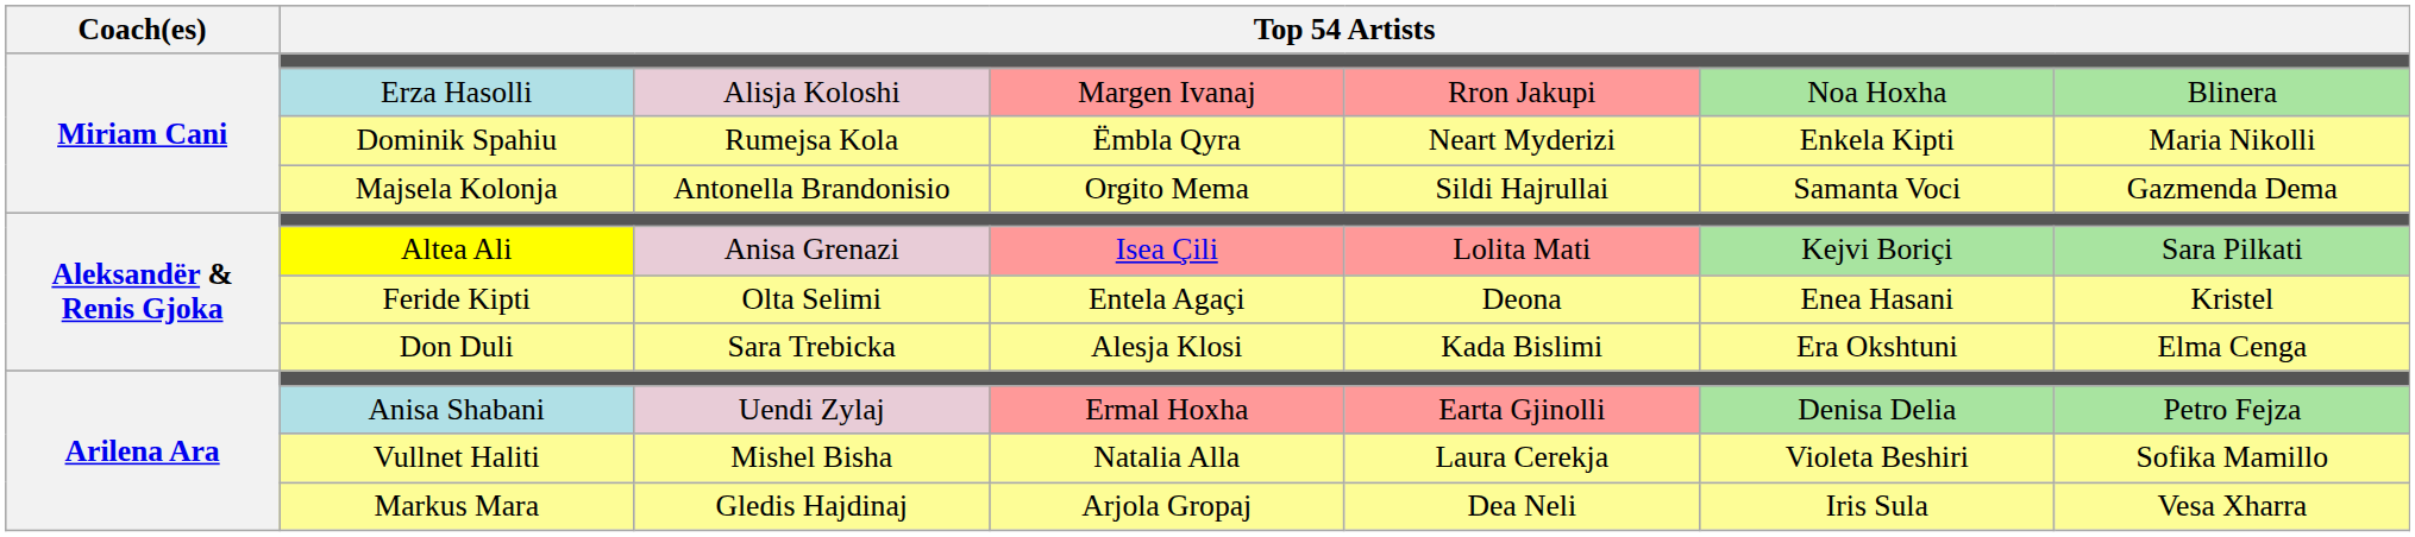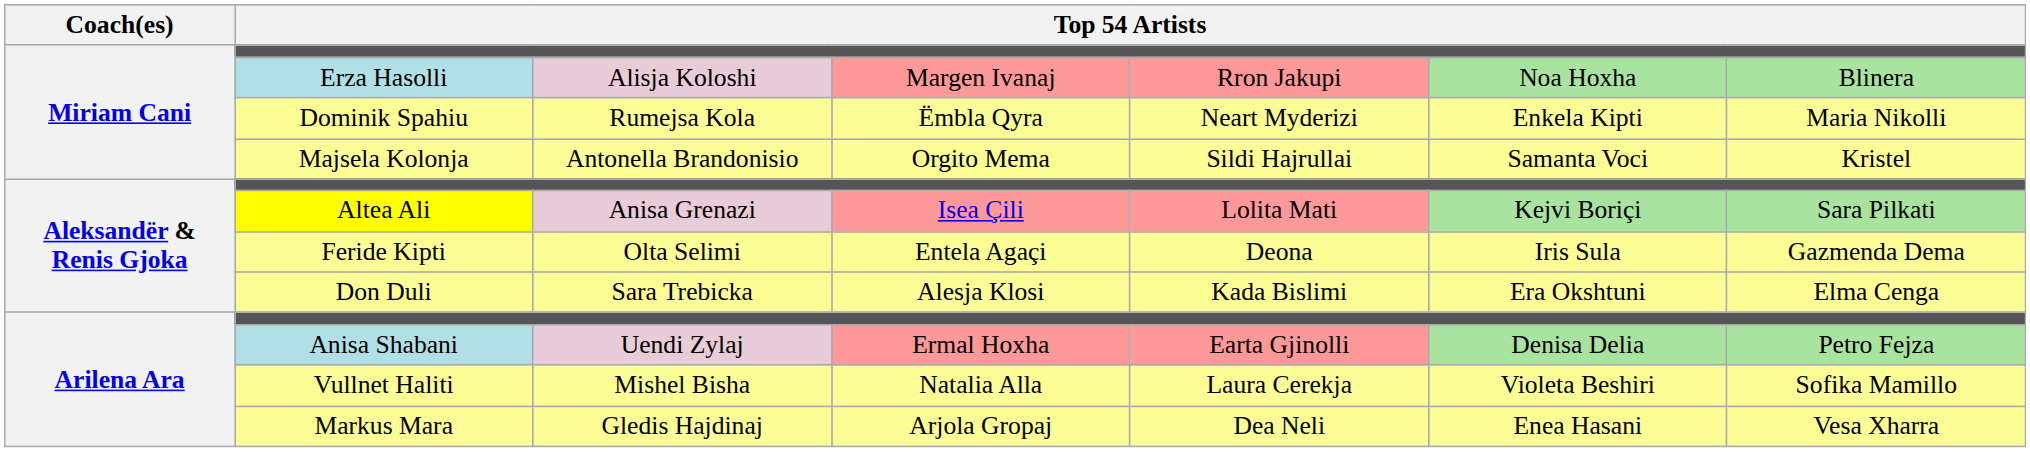 <table class="wikitable" style="text-align:center; width:100%;">
 <tr>
 <th scope="col" style="width:10%;">Coach(es)</th>
 <th scope="col" colspan="6">Top 54 Artists</th>
 </tr>
 <tr>
 <th scope="row" rowspan="4"><a href='#'>Miriam Cani</a></th>
 <td colspan="6" style="background:#555;"></td>
 </tr>
 <tr>
 <td width="13%" style="background:#B0E0E6;">Erza Hasolli</td>
 <td style="background:#e8ccd7;">Alisja Koloshi</td>
 <td width="13%" style="background:#FF9999;">Margen Ivanaj</td>
 <td width="13%" style="background:#FF9999;">Rron Jakupi</td>
 <td width="13%" style="background:#A8E4A0;">Noa Hoxha</td>
 <td width="13%" style="background:#A8E4A0;">Blinera</td>
 </tr>
 <tr>
 <td style="background:#FDFD96;">Dominik Spahiu</td>
 <td style="background:#FDFD96;">Rumejsa Kola</td>
 <td style="background:#FDFD96;">Ëmbla Qyra</td>
 <td style="background:#FDFD96;">Neart Myderizi</td>
 <td style="background:#FDFD96;">Enkela Kipti</td>
 <td style="background:#FDFD96;">Maria Nikolli</td>
 </tr>
 <tr>
 <td style="background:#FDFD96;">Majsela Kolonja</td>
 <td style="background:#FDFD96;">Antonella Brandonisio</td>
 <td style="background:#FDFD96;">Orgito Mema</td>
 <td style="background:#FDFD96;">Sildi Hajrullai</td>
 <td style="background:#FDFD96;">Samanta Voci</td>
-<td style="background:#FDFD96;">Gazmenda Dema</td>
+<td style="background:#FDFD96;">Kristel</td>
 </tr>
 <tr>
 <th scope="row" rowspan="4"><a href='#'>Aleksandër</a> & <a href='#'>Renis Gjoka</a></th>
 <td colspan="6" style="background:#555;"></td>
 </tr>
 <tr>
 <td style="background:yellow;">Altea Ali</td>
 <td width="13%" style="background:#e8ccd7;">Anisa Grenazi</td>
 <td style="background:#FF9999;"><a href='#'>Isea Çili</a></td>
 <td style="background:#FF9999;">Lolita Mati</td>
 <td style="background:#A8E4A0;">Kejvi Boriçi</td>
 <td style="background:#A8E4A0;">Sara Pilkati</td>
 </tr>
 <tr>
 <td style="background:#FDFD96;">Feride Kipti</td>
 <td style="background:#FDFD96;">Olta Selimi</td>
 <td style="background:#FDFD96;">Entela Agaçi</td>
 <td style="background:#FDFD96;">Deona</td>
-<td style="background:#FDFD96;">Enea Hasani</td>
-<td style="background:#FDFD96;">Kristel</td>
+<td style="background:#FDFD96;">Iris Sula</td>
+<td style="background:#FDFD96;">Gazmenda Dema</td>
 </tr>
 <tr>
 <td style="background:#FDFD96;">Don Duli</td>
 <td style="background:#FDFD96;">Sara Trebicka</td>
 <td style="background:#FDFD96;">Alesja Klosi</td>
 <td style="background:#FDFD96;">Kada Bislimi</td>
 <td style="background:#FDFD96;">Era Okshtuni</td>
 <td style="background:#FDFD96;">Elma Cenga</td>
 </tr>
 <tr>
 <th scope="row" rowspan="4"><a href='#'>Arilena Ara</a></th>
 <td colspan="6" style="background:#555;"></td>
 </tr>
 <tr>
 <td style="background:#B0E0E6;">Anisa Shabani</td>
 <td style="background:#e8ccd7;">Uendi Zylaj</td>
 <td style="background:#FF9999;">Ermal Hoxha</td>
 <td style="background:#FF9999;">Earta Gjinolli</td>
 <td style="background:#A8E4A0;">Denisa Delia</td>
 <td style="background:#A8E4A0;">Petro Fejza</td>
 </tr>
 <tr>
 <td style="background:#FDFD96;">Vullnet Haliti</td>
 <td style="background:#FDFD96;">Mishel Bisha</td>
 <td style="background:#FDFD96;">Natalia Alla</td>
 <td style="background:#FDFD96;">Laura Cerekja</td>
 <td style="background:#FDFD96;">Violeta Beshiri</td>
 <td style="background:#FDFD96;">Sofika Mamillo</td>
 </tr>
 <tr>
 <td style="background:#FDFD96;">Markus Mara</td>
 <td style="background:#FDFD96;">Gledis Hajdinaj</td>
 <td style="background:#FDFD96;">Arjola Gropaj</td>
 <td style="background:#FDFD96;">Dea Neli</td>
-<td style="background:#FDFD96;">Iris Sula</td>
+<td style="background:#FDFD96;">Enea Hasani</td>
 <td style="background:#FDFD96;">Vesa Xharra</td>
 </tr>
 </table>
